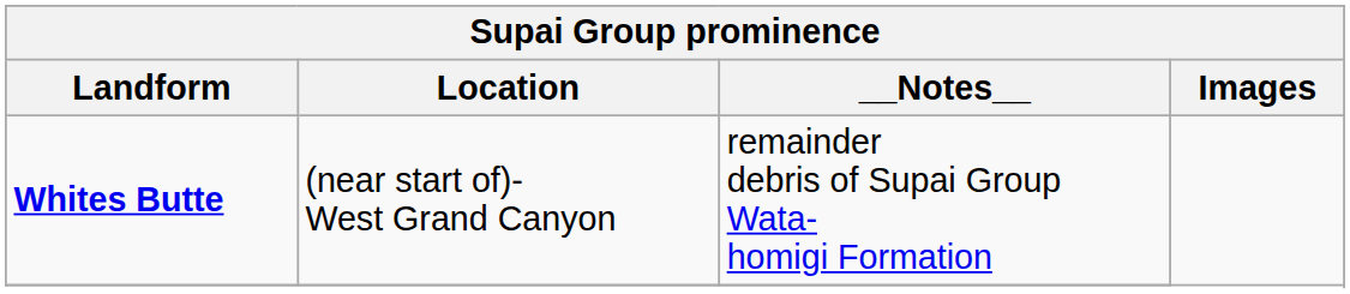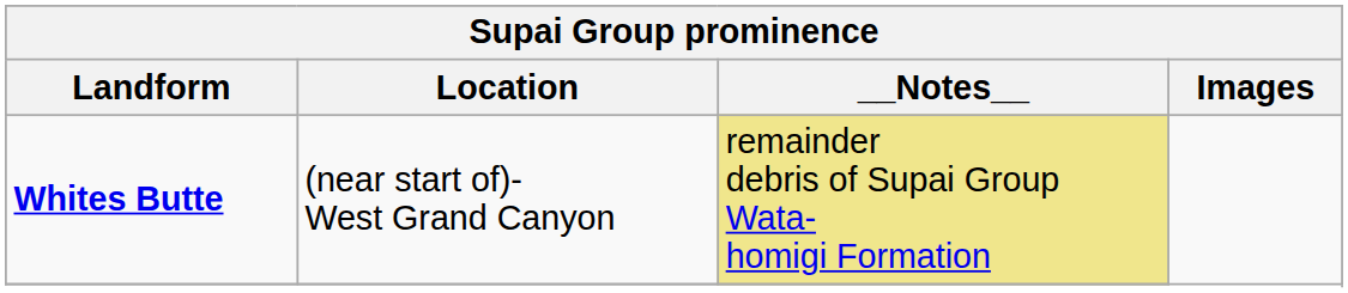 <table class="wikitable" align="center" width="100%">
 <tr>
 <th colspan="5" align="center"><strong>Supai Group prominence</strong></th>
 </tr>
 <tr>
 <th>Landform</th>
 <th>Location</th>
 <th>__Notes__</th>
 <th>Images</th>
 </tr>
 <tr>
 <td><strong><a href='#'>Whites Butte</a></strong></td>
 <td>(near start of)-<br>West Grand Canyon</td>
-<td>remainder <br>debris of Supai Group <br><a href='#'>Wata-</a> <br><a href='#'>homigi Formation</a></td>
+<td style="background: khaki;">remainder <br>debris of Supai Group <br><a href='#'>Wata-</a> <br><a href='#'>homigi Formation</a></td>
 <td rowspan="99"><br></td>
 </tr>
 <tr>
 </tr>
 </table>
